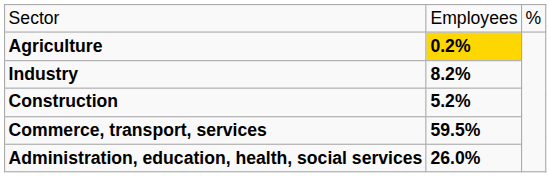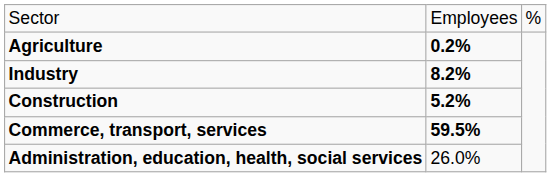 <table class=wikitable>
 <tr>
 <td>Sector</td>
 <td>Employees</td>
 <td>%</td>
 </tr>
 <tr>
 <td><strong>Agriculture</strong></td>
-<td style="background: gold;"><strong>0.2%</strong></td>
+<td><strong>0.2%</strong></td>
 </tr>
 <tr>
 <td><strong>Industry</strong></td>
 <td><strong>8.2%</strong></td>
 </tr>
 <tr>
 <td><strong>Construction</strong></td>
 <td><strong>5.2%</strong></td>
 </tr>
 <tr>
 <td><strong>Commerce, transport, services</strong></td>
 <td><strong>59.5%</strong></td>
 </tr>
 <tr>
 <td><strong>Administration, education, health, social services</strong></td>
-<td><strong>26.0%</strong></td>
+<td>26.0%</td>
 </tr>
 </table>
